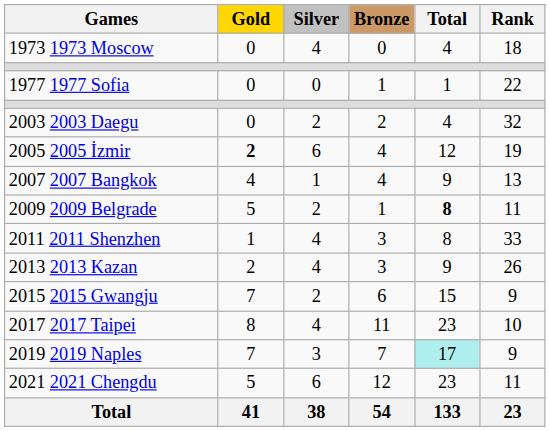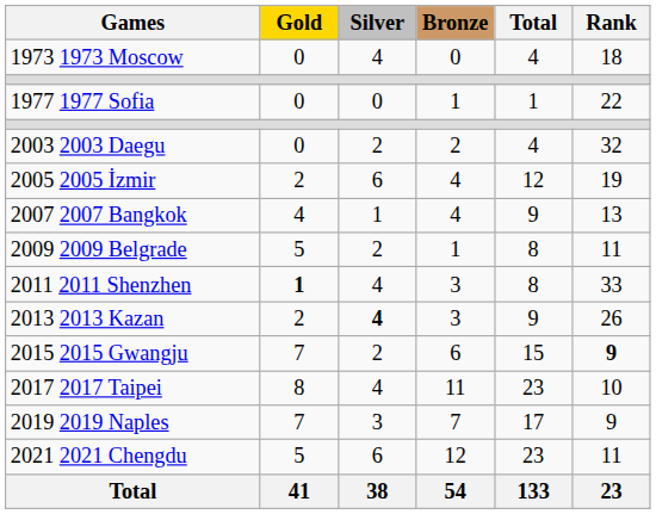 <table class="wikitable sortable" style="text-align:center;">
 <tr>
 <th width=180>Games</th>
 <th scope="col" style="background:gold; width:50px;">Gold</th>
 <th scope="col" style="background:silver; width:50px;">Silver</th>
 <th scope="col" style="background:#cc9966; width:50px;">Bronze</th>
 <th width=50>Total</th>
 <th width=50>Rank</th>
 </tr>
 <tr>
 <td align=left><span>1973</span> <a href='#'>1973 Moscow</a></td>
 <td>0</td>
 <td>4</td>
 <td>0</td>
 <td>4</td>
 <td>18</td>
 </tr>
 <tr bgcolor=#DDDDDD class="sortbottom">
 <td colspan=6></td>
 </tr>
 <tr>
 <td align=left><span>1977</span> <a href='#'>1977 Sofia</a></td>
 <td>0</td>
 <td>0</td>
 <td>1</td>
 <td>1</td>
 <td>22</td>
 </tr>
 <tr bgcolor=#DDDDDD class="sortbottom">
 <td colspan=6></td>
 </tr>
 <tr>
 <td align=left><span>2003</span> <a href='#'>2003 Daegu</a></td>
 <td>0</td>
 <td>2</td>
 <td>2</td>
 <td>4</td>
 <td>32</td>
 </tr>
 <tr>
 <td align=left><span>2005</span> <a href='#'>2005 İzmir</a></td>
-<td><strong>2</strong></td>
+<td>2</td>
 <td>6</td>
 <td>4</td>
 <td>12</td>
 <td>19</td>
 </tr>
 <tr>
 <td align=left><span>2007</span> <a href='#'>2007 Bangkok</a></td>
 <td>4</td>
 <td>1</td>
 <td>4</td>
 <td>9</td>
 <td>13</td>
 </tr>
 <tr>
 <td align=left><span>2009</span> <a href='#'>2009 Belgrade</a></td>
 <td>5</td>
 <td>2</td>
 <td>1</td>
-<td><strong>8</strong></td>
+<td>8</td>
 <td>11</td>
 </tr>
 <tr>
 <td align=left><span>2011</span> <a href='#'>2011 Shenzhen</a></td>
-<td>1</td>
+<td><strong>1</strong></td>
 <td>4</td>
 <td>3</td>
 <td>8</td>
 <td>33</td>
 </tr>
 <tr>
 <td align=left><span>2013</span> <a href='#'>2013 Kazan</a></td>
 <td>2</td>
-<td>4</td>
+<td><strong>4</strong></td>
 <td>3</td>
 <td>9</td>
 <td>26</td>
 </tr>
 <tr>
 <td align=left><span>2015</span> <a href='#'>2015 Gwangju</a></td>
 <td>7</td>
 <td>2</td>
 <td>6</td>
 <td>15</td>
-<td>9</td>
+<td><strong>9</strong></td>
 </tr>
 <tr>
 <td align=left><span>2017</span> <a href='#'>2017 Taipei</a></td>
 <td>8</td>
 <td>4</td>
 <td>11</td>
 <td>23</td>
 <td>10</td>
 </tr>
 <tr>
 <td align=left><span>2019</span> <a href='#'>2019 Naples</a></td>
 <td>7</td>
 <td>3</td>
 <td>7</td>
-<td style="background: paleturquoise;">17</td>
+<td>17</td>
 <td>9</td>
 </tr>
 <tr>
 <td align=left><span>2021</span> <a href='#'>2021 Chengdu</a></td>
 <td>5</td>
 <td>6</td>
 <td>12</td>
 <td>23</td>
 <td>11</td>
 </tr>
 <tr class="sortbottom">
 <th>Total</th>
 <th>41</th>
 <th>38</th>
 <th>54</th>
 <th>133</th>
 <th>23</th>
 </tr>
 </table>
